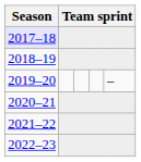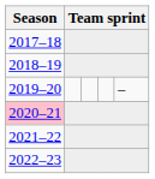 <table class="wikitable" style="display: inline-table">
 <tr>
 <th>Season</th>
 <th colspan="4">Team sprint</th>
 </tr>
 <tr>
-<td style="background: lavender;"><a href='#'>2017–18</a></td>
+<td><a href='#'>2017–18</a></td>
 <td colspan="4" bgcolor=#EEEEEE></td>
 </tr>
 <tr>
 <td><a href='#'>2018–19</a></td>
 <td colspan="4" bgcolor=#EEEEEE></td>
 </tr>
 <tr>
 <td><a href='#'>2019–20</a></td>
 <td></td>
 <td></td>
 <td></td>
 <td>–</td>
 </tr>
 <tr>
-<td><a href='#'>2020–21</a></td>
+<td style="background: pink;"><a href='#'>2020–21</a></td>
 <td colspan="4" bgcolor=#EEEEEE></td>
 </tr>
 <tr>
 <td><a href='#'>2021–22</a></td>
 <td colspan="4" bgcolor=#EEEEEE></td>
 </tr>
 <tr>
 <td><a href='#'>2022–23</a></td>
 <td colspan="4" bgcolor=#EEEEEE></td>
 </tr>
 </table>
